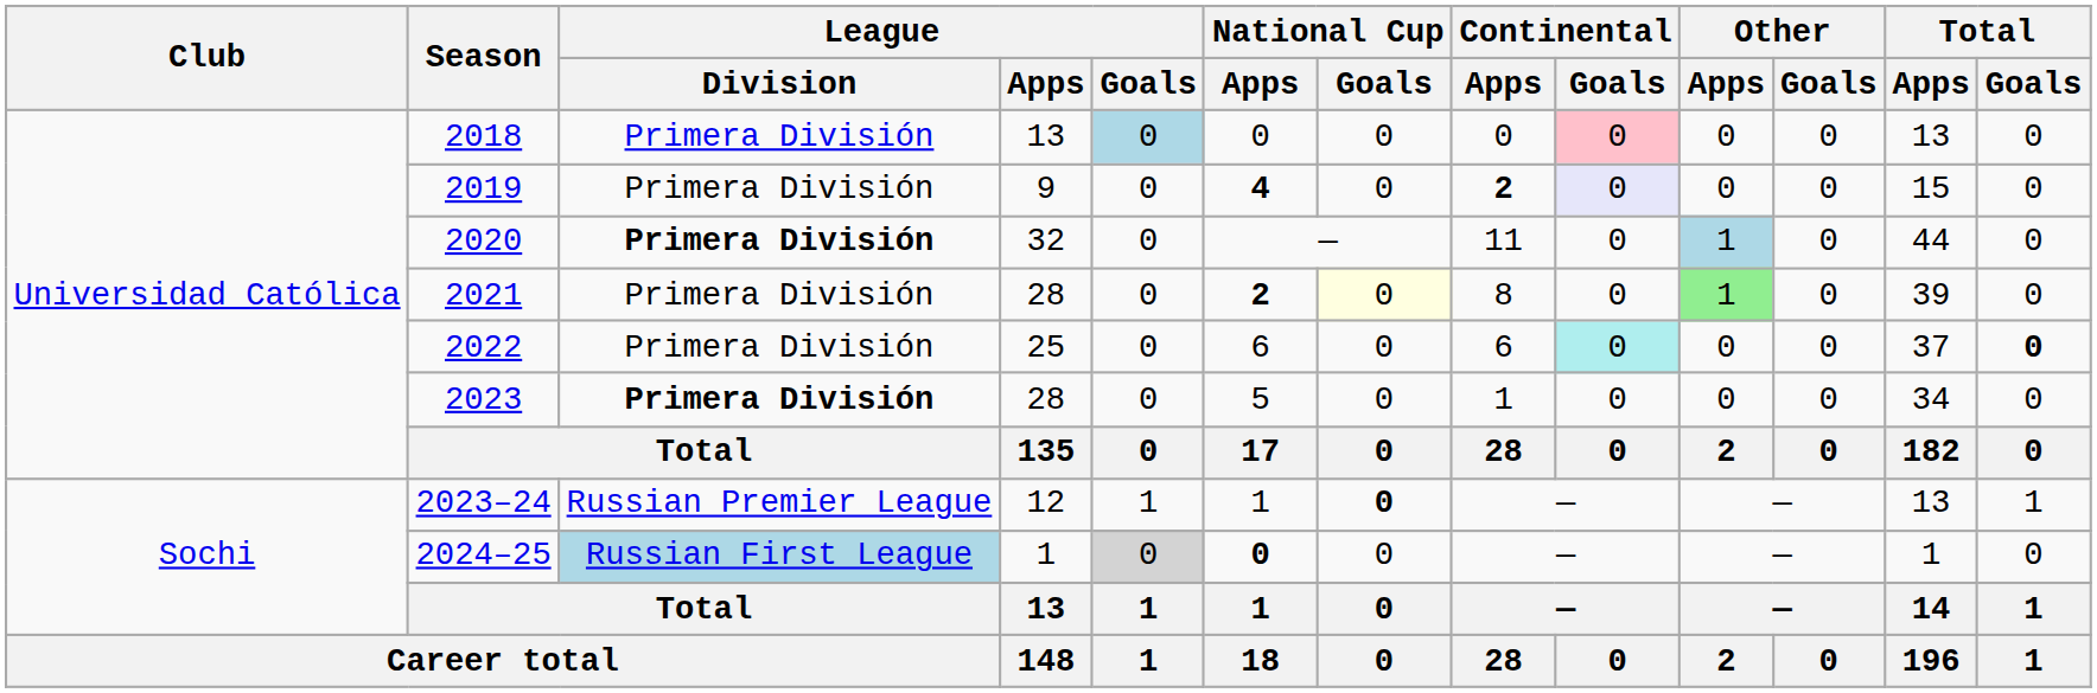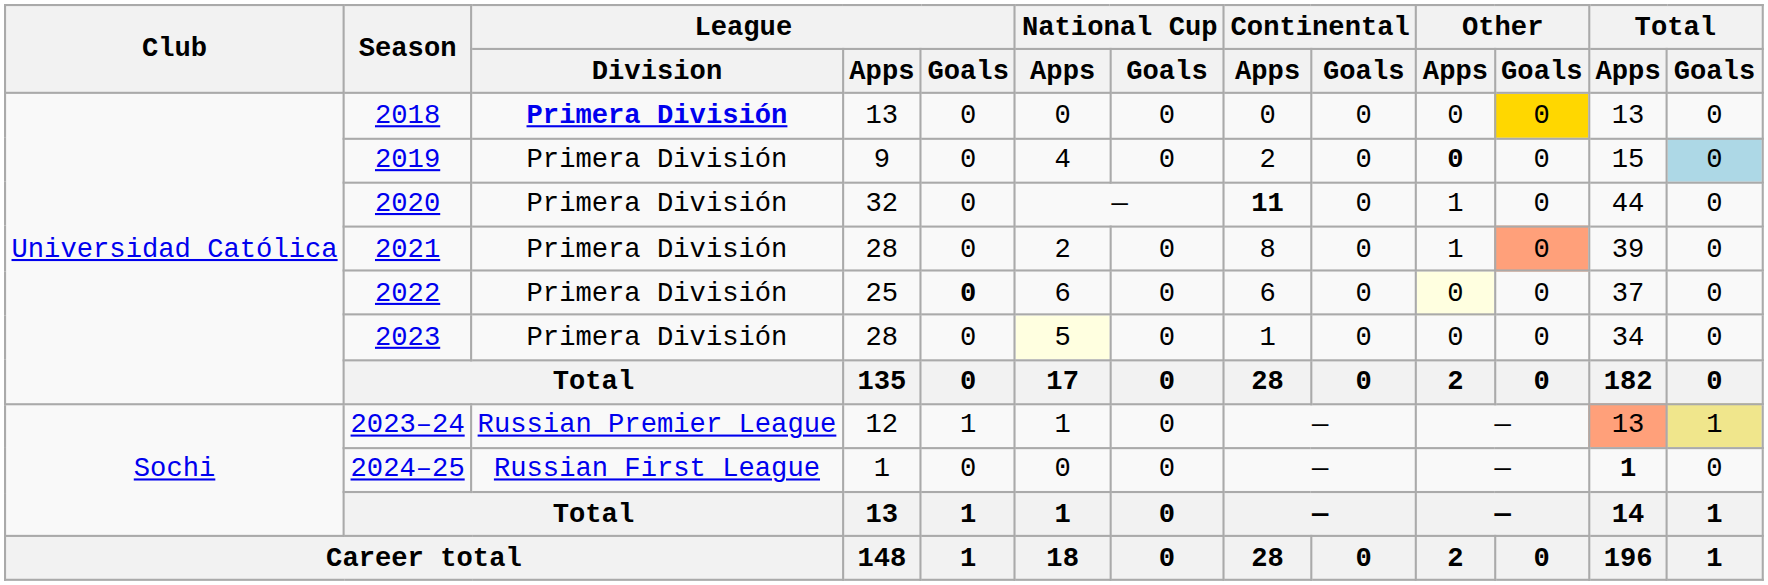 <table class="wikitable" style="text-align: center;">
 <tr>
 <th rowspan="2">Club</th>
 <th rowspan="2">Season</th>
 <th colspan="3">League</th>
 <th colspan="2">National Cup</th>
 <th colspan="2">Continental</th>
 <th colspan="2">Other</th>
 <th colspan="2">Total</th>
 </tr>
 <tr>
 <th>Division</th>
 <th>Apps</th>
 <th>Goals</th>
 <th>Apps</th>
 <th>Goals</th>
 <th>Apps</th>
 <th>Goals</th>
 <th>Apps</th>
 <th>Goals</th>
 <th>Apps</th>
 <th>Goals</th>
 </tr>
 <tr>
 <td valign="center" rowspan="7"><a href='#'>Universidad Católica</a></td>
 <td><a href='#'>2018</a></td>
-<td><a href='#'>Primera División</a></td>
+<td><strong><a href='#'>Primera División</a></strong></td>
 <td>13</td>
-<td style="background: lightblue;">0</td>
 <td>0</td>
 <td>0</td>
 <td>0</td>
-<td style="background: pink;">0</td>
 <td>0</td>
 <td>0</td>
+<td>0</td>
+<td style="background: gold;">0</td>
 <td>13</td>
 <td>0</td>
 </tr>
 <tr>
 <td><a href='#'>2019</a></td>
 <td>Primera División</td>
 <td>9</td>
 <td>0</td>
-<td><strong>4</strong></td>
+<td>4</td>
 <td>0</td>
-<td><strong>2</strong></td>
-<td style="background: lavender;">0</td>
+<td>2</td>
 <td>0</td>
+<td><strong>0</strong></td>
 <td>0</td>
 <td>15</td>
-<td>0</td>
+<td style="background: lightblue;">0</td>
 </tr>
 <tr>
 <td><a href='#'>2020</a></td>
-<td><strong>Primera División</strong></td>
+<td>Primera División</td>
 <td>32</td>
 <td>0</td>
 <td colspan=2>—</td>
-<td>11</td>
+<td><strong>11</strong></td>
 <td>0</td>
-<td style="background: lightblue;">1</td>
+<td>1</td>
 <td>0</td>
 <td>44</td>
 <td>0</td>
 </tr>
 <tr>
 <td><a href='#'>2021</a></td>
 <td>Primera División</td>
 <td>28</td>
 <td>0</td>
-<td><strong>2</strong></td>
-<td style="background: lightyellow;">0</td>
+<td>2</td>
+<td>0</td>
 <td>8</td>
 <td>0</td>
-<td style="background: lightgreen;">1</td>
-<td>0</td>
+<td>1</td>
+<td style="background: lightsalmon;">0</td>
 <td>39</td>
 <td>0</td>
 </tr>
 <tr>
 <td><a href='#'>2022</a></td>
 <td>Primera División</td>
 <td>25</td>
+<td><strong>0</strong></td>
+<td>6</td>
 <td>0</td>
 <td>6</td>
 <td>0</td>
-<td>6</td>
-<td style="background: paleturquoise;">0</td>
-<td>0</td>
+<td style="background: lightyellow;">0</td>
 <td>0</td>
 <td>37</td>
-<td><strong>0</strong></td>
+<td>0</td>
 </tr>
 <tr>
 <td><a href='#'>2023</a></td>
-<td><strong>Primera División</strong></td>
+<td>Primera División</td>
 <td>28</td>
 <td>0</td>
-<td>5</td>
+<td style="background: lightyellow;">5</td>
 <td>0</td>
 <td>1</td>
 <td>0</td>
 <td>0</td>
 <td>0</td>
 <td>34</td>
 <td>0</td>
 </tr>
 <tr>
 <th colspan="2">Total</th>
 <th>135</th>
 <th>0</th>
 <th>17</th>
 <th>0</th>
 <th>28</th>
 <th>0</th>
 <th>2</th>
 <th>0</th>
 <th>182</th>
 <th>0</th>
 </tr>
 <tr>
 <td rowspan="3"><a href='#'>Sochi</a></td>
 <td><a href='#'>2023–24</a></td>
 <td><a href='#'>Russian Premier League</a></td>
 <td>12</td>
 <td>1</td>
 <td>1</td>
-<td><strong>0</strong></td>
+<td>0</td>
 <td colspan="2">—</td>
 <td colspan="2">—</td>
-<td>13</td>
-<td>1</td>
+<td style="background: lightsalmon;">13</td>
+<td style="background: khaki;">1</td>
 </tr>
 <tr>
 <td><a href='#'>2024–25</a></td>
-<td style="background: lightblue;"><a href='#'>Russian First League</a></td>
+<td><a href='#'>Russian First League</a></td>
 <td>1</td>
-<td style="background: lightgrey;">0</td>
-<td><strong>0</strong></td>
+<td>0</td>
+<td>0</td>
 <td>0</td>
 <td colspan="2">—</td>
 <td colspan="2">—</td>
-<td>1</td>
+<td><strong>1</strong></td>
 <td>0</td>
 </tr>
 <tr>
 <th colspan="2">Total</th>
 <th>13</th>
 <th>1</th>
 <th>1</th>
 <th>0</th>
 <th colspan="2">—</th>
 <th colspan="2">—</th>
 <th>14</th>
 <th>1</th>
 </tr>
 <tr>
 <th colspan="3">Career total</th>
 <th>148</th>
 <th>1</th>
 <th>18</th>
 <th>0</th>
 <th>28</th>
 <th>0</th>
 <th>2</th>
 <th>0</th>
 <th>196</th>
 <th>1</th>
 </tr>
 </table>
